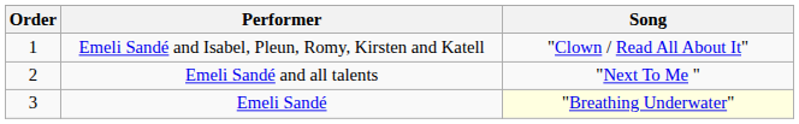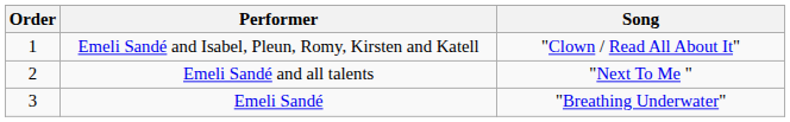 <table class="wikitable" style="text-align:center; width:45%;">
 <tr>
 </tr>
 <tr>
 <th style="width:01%;">Order</th>
 <th style="width:60%;">Performer</th>
 <th style="width:39%;">Song</th>
 </tr>
 <tr>
 <td>1</td>
 <td><a href='#'>Emeli Sandé</a> and Isabel, Pleun, Romy, Kirsten and Katell</td>
 <td>"<a href='#'>Clown</a> / <a href='#'>Read All About It</a>"</td>
 </tr>
 <tr>
 <td>2</td>
 <td><a href='#'>Emeli Sandé</a> and all talents</td>
 <td>"<a href='#'>Next To Me</a> "</td>
 </tr>
 <tr>
 <td>3</td>
 <td><a href='#'>Emeli Sandé</a></td>
-<td style="background: lightyellow;">"<a href='#'>Breathing Underwater</a>"</td>
+<td>"<a href='#'>Breathing Underwater</a>"</td>
 </tr>
 </table>
